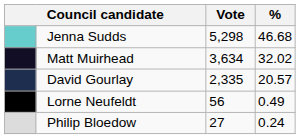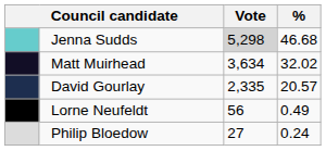 <table class="wikitable">
 <tr>
 <th bgcolor="#DDDDFF" width="230px" colspan="2">Council candidate</th>
 <th bgcolor="#DDDDFF" width="50px">Vote</th>
 <th bgcolor="#DDDDFF" width="30px">%</th>
 </tr>
 <tr>
 <td bgcolor=#66CCCC width="30px"> </td>
 <td>  Jenna Sudds</td>
-<td>5,298</td>
+<td style="background: lightgrey;">5,298</td>
 <td>46.68</td>
 </tr>
 <tr>
 <td bgcolor=#120E26 width="30px"> </td>
 <td>  Matt Muirhead</td>
 <td>3,634</td>
 <td>32.02</td>
 </tr>
 <tr>
 <td bgcolor=#1D2E4F width="30px"> </td>
 <td>  David Gourlay</td>
 <td>2,335</td>
 <td>20.57</td>
 </tr>
 <tr>
 <td bgcolor=#000000 width="30px"> </td>
 <td>  Lorne Neufeldt</td>
 <td>56</td>
 <td>0.49</td>
 </tr>
 <tr>
 <td bgcolor=#DCDCDC width="30px"> </td>
 <td>  Philip Bloedow</td>
 <td>27</td>
 <td>0.24</td>
 </tr>
 </table>
